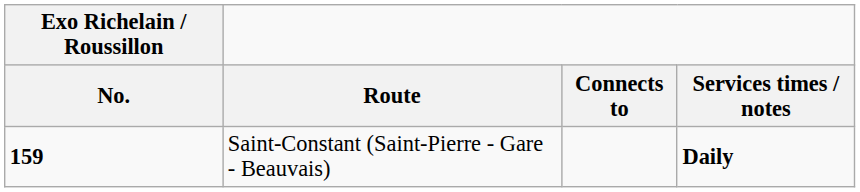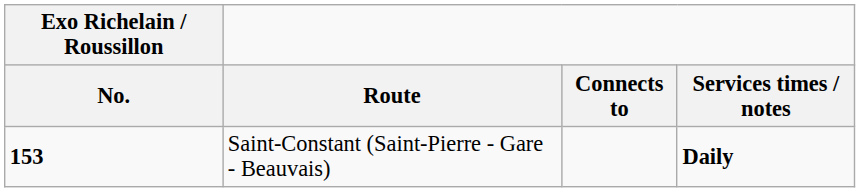 <table align=center class="wikitable">
 <tr>
 <th style="background: #">Exo Richelain / Roussillon</th>
 </tr>
 <tr>
 <th>No.</th>
 <th>Route</th>
 <th>Connects to</th>
 <th>Services times / notes</th>
 </tr>
 <tr>
-<td {{border> <strong>159</strong></td>
+<td {{border> <strong>153</strong></td>
 <td>Saint-Constant (Saint-Pierre - Gare - Beauvais)</td>
 <td></td>
 <td><strong>Daily</strong></td>
 </tr>
 </table>
